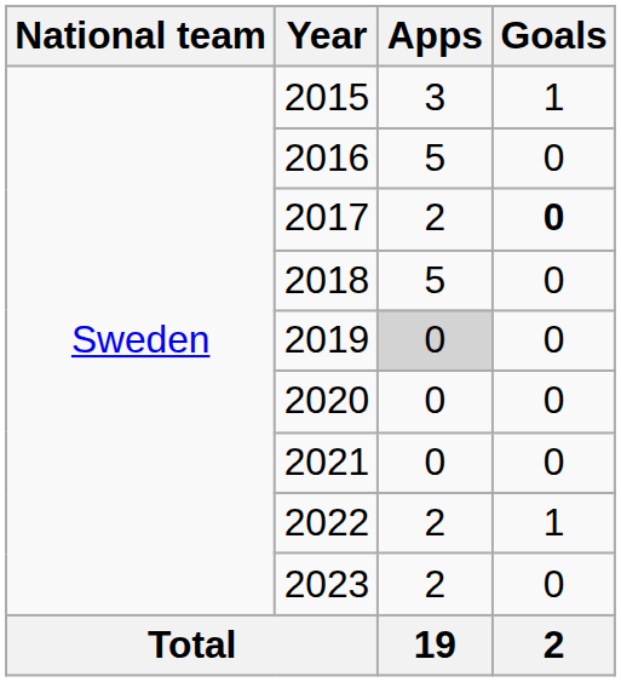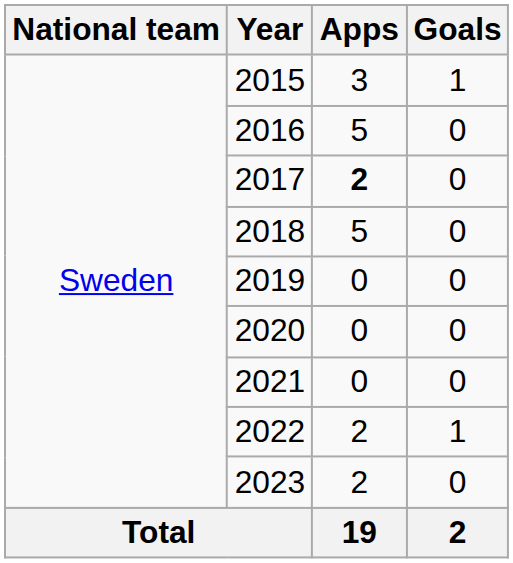 <table class=wikitable style="text-align: center">
 <tr>
 <th>National team</th>
 <th>Year</th>
 <th>Apps</th>
 <th>Goals</th>
 </tr>
 <tr>
 <td rowspan="9"><a href='#'>Sweden</a></td>
 <td>2015</td>
 <td>3</td>
 <td>1</td>
 </tr>
 <tr>
 <td>2016</td>
 <td>5</td>
 <td>0</td>
 </tr>
 <tr>
 <td>2017</td>
-<td>2</td>
-<td><strong>0</strong></td>
+<td><strong>2</strong></td>
+<td>0</td>
 </tr>
 <tr>
 <td>2018</td>
 <td>5</td>
 <td>0</td>
 </tr>
 <tr>
 <td>2019</td>
-<td style="background: lightgrey;">0</td>
+<td>0</td>
 <td>0</td>
 </tr>
 <tr>
 <td>2020</td>
 <td>0</td>
 <td>0</td>
 </tr>
 <tr>
 <td>2021</td>
 <td>0</td>
 <td>0</td>
 </tr>
 <tr>
 <td>2022</td>
 <td>2</td>
 <td>1</td>
 </tr>
 <tr>
 <td>2023</td>
 <td>2</td>
 <td>0</td>
 </tr>
 <tr>
 <th colspan="2">Total</th>
 <th>19</th>
 <th>2</th>
 </tr>
 </table>
